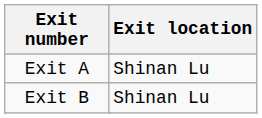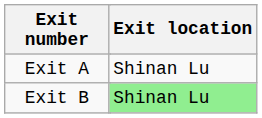 <table class="wikitable">
 <tr>
 <th style="width:70px" colspan="2">Exit number</th>
 <th>Exit location</th>
 </tr>
 <tr>
 <td align="center" colspan="2">Exit A</td>
 <td>Shinan Lu</td>
 </tr>
 <tr>
 <td align="center" colspan="2">Exit B</td>
-<td>Shinan Lu</td>
+<td style="background: lightgreen;">Shinan Lu</td>
 </tr>
 </table>
